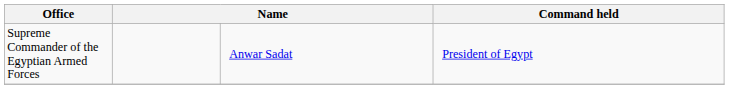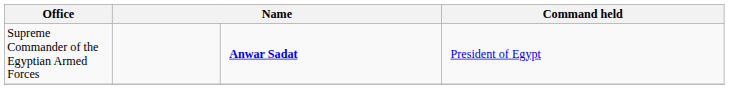 <table class="wikitable" style="width:75%;">
 <tr>
 <th style="width:15%">Office</th>
 <th colspan=2>Name</th>
 <th>Command held</th>
 </tr>
 <tr>
 <td>Supreme Commander of the Egyptian Armed Forces</td>
 <td style="width:15%">  </td>
-<td>  <a href='#'>Anwar Sadat</a></td>
+<td><strong>  <a href='#'>Anwar Sadat</a></strong></td>
 <td>  <a href='#'>President of Egypt</a></td>
 </tr>
 <tr>
 </tr>
 </table>
